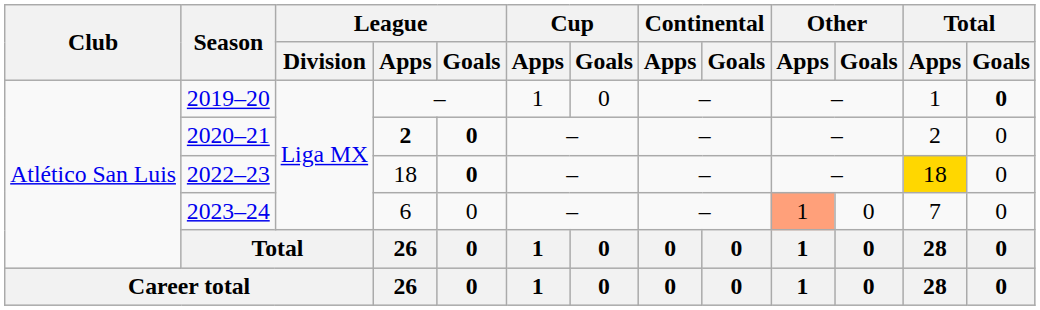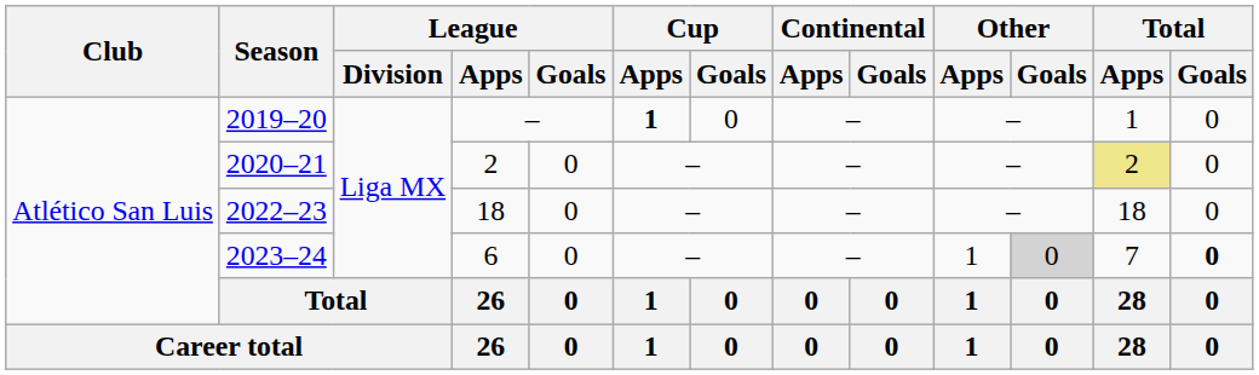 <table class="wikitable" style="text-align: center">
 <tr>
 <th rowspan="2">Club</th>
 <th rowspan="2">Season</th>
 <th colspan="3">League</th>
 <th colspan="2">Cup</th>
 <th colspan="2">Continental</th>
 <th colspan="2">Other</th>
 <th colspan="2">Total</th>
 </tr>
 <tr>
 <th>Division</th>
 <th>Apps</th>
 <th>Goals</th>
 <th>Apps</th>
 <th>Goals</th>
 <th>Apps</th>
 <th>Goals</th>
 <th>Apps</th>
 <th>Goals</th>
 <th>Apps</th>
 <th>Goals</th>
 </tr>
 <tr>
 <td rowspan="5"><a href='#'>Atlético San Luis</a></td>
 <td><a href='#'>2019–20</a></td>
 <td rowspan="4"><a href='#'>Liga MX</a></td>
 <td colspan="2">–</td>
-<td>1</td>
+<td><strong>1</strong></td>
 <td>0</td>
 <td colspan="2">–</td>
 <td colspan="2">–</td>
 <td>1</td>
-<td><strong>0</strong></td>
+<td>0</td>
 </tr>
 <tr>
 <td><a href='#'>2020–21</a></td>
-<td><strong>2</strong></td>
-<td><strong>0</strong></td>
+<td>2</td>
+<td>0</td>
 <td colspan="2">–</td>
 <td colspan="2">–</td>
 <td colspan="2">–</td>
-<td>2</td>
+<td style="background: khaki;">2</td>
 <td>0</td>
 </tr>
 <tr>
 <td><a href='#'>2022–23</a></td>
 <td>18</td>
-<td><strong>0</strong></td>
+<td>0</td>
 <td colspan="2">–</td>
 <td colspan="2">–</td>
 <td colspan="2">–</td>
-<td style="background: gold;">18</td>
+<td>18</td>
 <td>0</td>
 </tr>
 <tr>
 <td><a href='#'>2023–24</a></td>
 <td>6</td>
 <td>0</td>
 <td colspan="2">–</td>
 <td colspan="2">–</td>
-<td style="background: lightsalmon;">1</td>
-<td>0</td>
+<td>1</td>
+<td style="background: lightgrey;">0</td>
 <td>7</td>
-<td>0</td>
+<td><strong>0</strong></td>
 </tr>
 <tr>
 <th colspan="2">Total</th>
 <th>26</th>
 <th>0</th>
 <th>1</th>
 <th>0</th>
 <th>0</th>
 <th>0</th>
 <th>1</th>
 <th>0</th>
 <th>28</th>
 <th>0</th>
 </tr>
 <tr>
 <th colspan="3"><strong>Career total</strong></th>
 <th>26</th>
 <th>0</th>
 <th>1</th>
 <th>0</th>
 <th>0</th>
 <th>0</th>
 <th>1</th>
 <th>0</th>
 <th>28</th>
 <th>0</th>
 </tr>
 </table>
